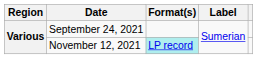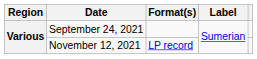 <table class="wikitable plainrowheaders">
 <tr>
 <th scope="col">Region</th>
 <th scope="col">Date</th>
 <th scope="col">Format(s)</th>
 <th scope="col">Label</th>
 <th scope="col"></th>
 </tr>
 <tr>
 <th scope="row" rowspan="2">Various</th>
 <td>September 24, 2021</td>
 <td></td>
 <td rowspan="2"><a href='#'>Sumerian</a></td>
 <td align="center"></td>
 </tr>
 <tr>
 <td>November 12, 2021</td>
-<td style="background: paleturquoise;"><a href='#'>LP record</a></td>
+<td><a href='#'>LP record</a></td>
 <td align="center"></td>
 </tr>
 </table>
